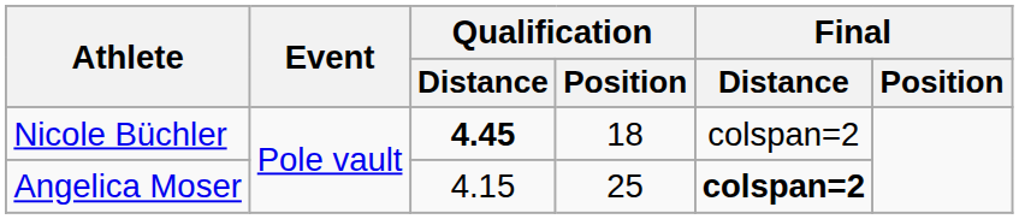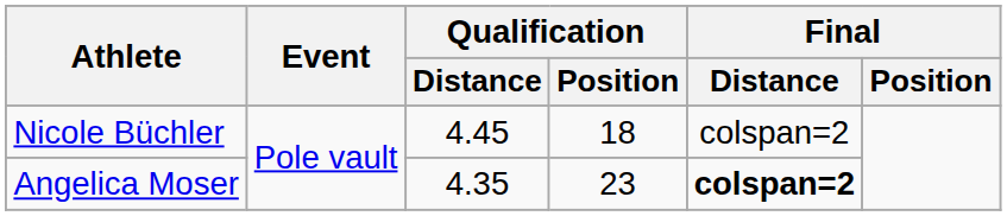 <table class=wikitable style="font-size:90%">
 <tr>
 <th rowspan="2">Athlete</th>
 <th rowspan="2">Event</th>
 <th colspan="2">Qualification</th>
 <th colspan="2">Final</th>
 </tr>
 <tr style="font-size:95%">
 <th>Distance</th>
 <th>Position</th>
 <th>Distance</th>
 <th>Position</th>
 </tr>
 <tr style=text-align:center>
 <td style=text-align:left><a href='#'>Nicole Büchler</a></td>
 <td style=text-align:left rowspan=2><a href='#'>Pole vault</a></td>
-<td><strong>4.45</strong></td>
+<td>4.45</td>
 <td>18</td>
 <td>colspan=2 </td>
 </tr>
 <tr style=text-align:center>
 <td style=text-align:left><a href='#'>Angelica Moser</a></td>
-<td>4.15</td>
-<td>25</td>
+<td>4.35</td>
+<td>23</td>
 <td><strong>colspan=2 </strong></td>
 </tr>
 </table>
